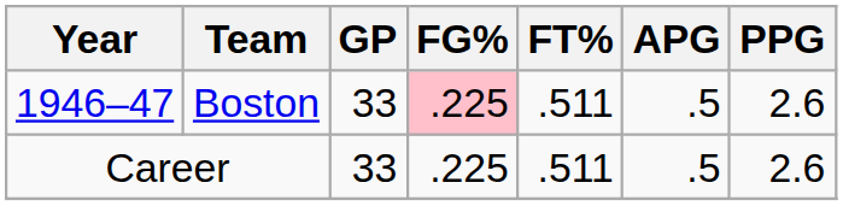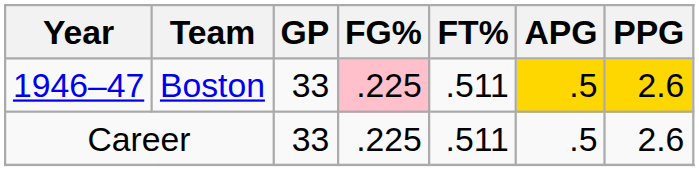 <table class="wikitable sortable" style="font-size:95%; text-align:right;">
 <tr>
 <th>Year</th>
 <th>Team</th>
 <th>GP</th>
 <th>FG%</th>
 <th>FT%</th>
 <th>APG</th>
 <th>PPG</th>
 </tr>
 <tr>
 <td style="text-align:left;"><a href='#'>1946–47</a></td>
 <td style="text-align:left;"><a href='#'>Boston</a></td>
 <td>33</td>
 <td style="background: pink;">.225</td>
 <td>.511</td>
-<td>.5</td>
-<td>2.6</td>
+<td style="background: gold;">.5</td>
+<td style="background: gold;">2.6</td>
 </tr>
 <tr>
 <td style="text-align:center;" colspan="2">Career</td>
 <td>33</td>
 <td>.225</td>
 <td>.511</td>
 <td>.5</td>
 <td>2.6</td>
 </tr>
 <tr>
 </tr>
 </table>
